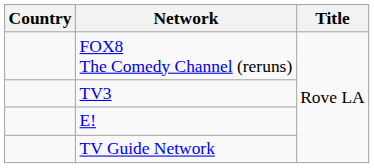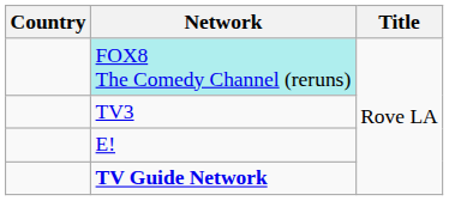 <table class="wikitable">
 <tr>
 <th>Country</th>
 <th>Network</th>
 <th>Title</th>
 </tr>
 <tr>
 <td></td>
-<td><a href='#'>FOX8</a><br><a href='#'>The Comedy Channel</a> (reruns)</td>
+<td style="background: paleturquoise;"><a href='#'>FOX8</a><br><a href='#'>The Comedy Channel</a> (reruns)</td>
 <td rowspan="4">Rove LA</td>
 </tr>
 <tr>
 <td></td>
 <td><a href='#'>TV3</a></td>
 </tr>
 <tr>
 <td></td>
 <td><a href='#'>E!</a></td>
 </tr>
 <tr>
 <td></td>
-<td><a href='#'>TV Guide Network</a></td>
+<td><strong><a href='#'>TV Guide Network</a></strong></td>
 </tr>
 </table>
